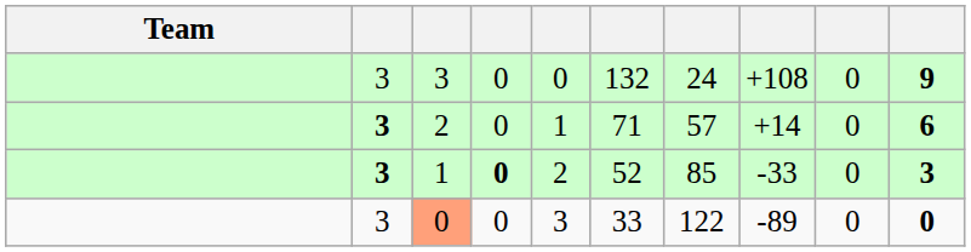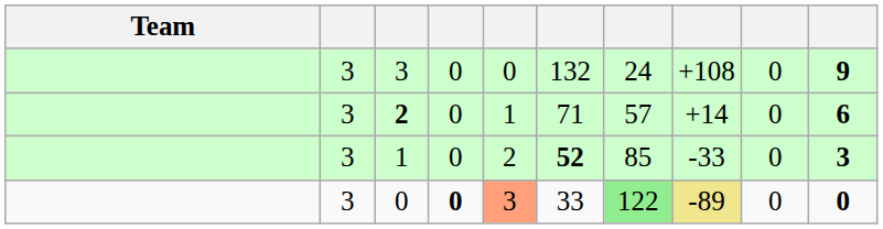 <table class="wikitable" style="text-align:center;">
 <tr>
 <th style="width:11.0em;">Team</th>
 <th style="width:1.5em;"></th>
 <th style="width:1.5em;"></th>
 <th style="width:1.5em;"></th>
 <th style="width:1.5em;"></th>
 <th style="width:2.0em;"></th>
 <th style="width:2.0em;"></th>
 <th style="width:2.0em;"></th>
 <th style="width:2.0em;"></th>
 <th style="width:2.0em;"></th>
 </tr>
 <tr bgcolor=#cfc>
 <td align="left"></td>
 <td>3</td>
 <td>3</td>
 <td>0</td>
 <td>0</td>
 <td>132</td>
 <td>24</td>
 <td>+108</td>
 <td>0</td>
 <td><strong>9</strong></td>
 </tr>
 <tr bgcolor=#cfc>
 <td align="left"></td>
-<td><strong>3</strong></td>
-<td>2</td>
+<td>3</td>
+<td><strong>2</strong></td>
 <td>0</td>
 <td>1</td>
 <td>71</td>
 <td>57</td>
 <td>+14</td>
 <td>0</td>
 <td><strong>6</strong></td>
 </tr>
 <tr bgcolor=#cfc>
 <td align="left"></td>
-<td><strong>3</strong></td>
+<td>3</td>
 <td>1</td>
-<td><strong>0</strong></td>
+<td>0</td>
 <td>2</td>
-<td>52</td>
+<td><strong>52</strong></td>
 <td>85</td>
 <td>-33</td>
 <td>0</td>
 <td><strong>3</strong></td>
 </tr>
 <tr>
 <td align="left"></td>
 <td>3</td>
-<td style="background: lightsalmon;">0</td>
 <td>0</td>
-<td>3</td>
+<td><strong>0</strong></td>
+<td style="background: lightsalmon;">3</td>
 <td>33</td>
-<td>122</td>
-<td>-89</td>
+<td style="background: lightgreen;">122</td>
+<td style="background: khaki;">-89</td>
 <td>0</td>
 <td><strong>0</strong></td>
 </tr>
 </table>
